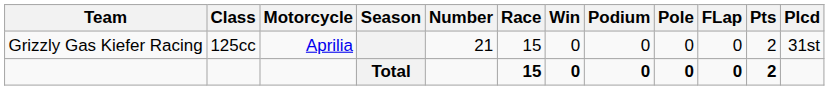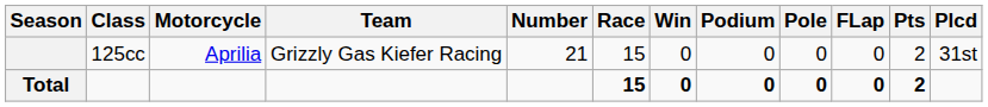 <table class="wikitable">
 <tr>
-<th>Team</th>
+<th>Season</th>
 <th>Class</th>
 <th>Motorcycle</th>
-<th>Season</th>
+<th>Team</th>
 <th>Number</th>
 <th>Race</th>
 <th>Win</th>
 <th>Podium</th>
 <th>Pole</th>
 <th>FLap</th>
 <th>Pts</th>
 <th>Plcd</th>
 </tr>
 <tr align="right">
-<td>Grizzly Gas Kiefer Racing</td>
+<th></th>
 <td>125cc</td>
 <td><a href='#'>Aprilia</a></td>
-<th></th>
+<td>Grizzly Gas Kiefer Racing</td>
 <td>21</td>
 <td>15</td>
 <td>0</td>
 <td>0</td>
 <td>0</td>
 <td>0</td>
 <td>2</td>
 <td>31st</td>
 </tr>
 <tr align="right">
+<th>Total</th>
 <td></td>
 <td></td>
 <td></td>
-<th>Total</th>
 <td></td>
 <td><strong>15</strong></td>
 <td><strong>0</strong></td>
 <td><strong>0</strong></td>
 <td><strong>0</strong></td>
 <td><strong>0</strong></td>
 <td><strong>2</strong></td>
 <td></td>
 </tr>
 </table>
